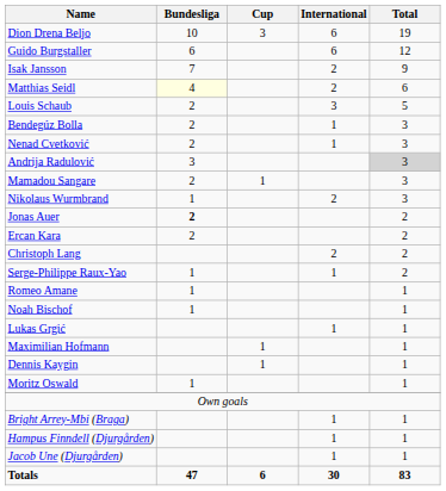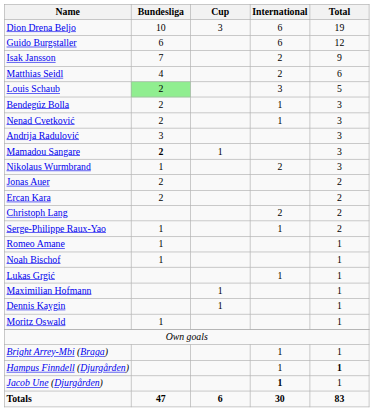 <table class="wikitable sortable" style="text-align: center;">
 <tr>
 <th class="unsortable">Name</th>
 <th width=90>Bundesliga</th>
 <th width=90>Cup</th>
 <th width=90>International</th>
 <th width=90>Total</th>
 </tr>
 <tr>
 <td align="left"> <a href='#'>Dion Drena Beljo</a></td>
 <td>10</td>
 <td>3</td>
 <td>6</td>
 <td>19</td>
 </tr>
 <tr>
 <td align="left"> <a href='#'>Guido Burgstaller</a></td>
 <td>6</td>
 <td></td>
 <td>6</td>
 <td>12</td>
 </tr>
 <tr>
 <td align="left"> <a href='#'>Isak Jansson</a></td>
 <td>7</td>
 <td></td>
 <td>2</td>
 <td>9</td>
 </tr>
 <tr>
 <td align="left"> <a href='#'>Matthias Seidl</a></td>
-<td style="background: lightyellow;">4</td>
+<td>4</td>
 <td></td>
 <td>2</td>
 <td>6</td>
 </tr>
 <tr>
 <td align="left"> <a href='#'>Louis Schaub</a></td>
-<td>2</td>
+<td style="background: lightgreen;">2</td>
 <td></td>
 <td>3</td>
 <td>5</td>
 </tr>
 <tr>
 <td align="left"> <a href='#'>Bendegúz Bolla</a></td>
 <td>2</td>
 <td></td>
 <td>1</td>
 <td>3</td>
 </tr>
 <tr>
 <td align="left"> <a href='#'>Nenad Cvetković</a></td>
 <td>2</td>
 <td></td>
 <td>1</td>
 <td>3</td>
 </tr>
 <tr>
 <td align="left"> <a href='#'>Andrija Radulović</a></td>
 <td>3</td>
 <td></td>
 <td></td>
-<td style="background: lightgrey;">3</td>
+<td>3</td>
 </tr>
 <tr>
 <td align="left"> <a href='#'>Mamadou Sangare</a></td>
-<td>2</td>
+<td><strong>2</strong></td>
 <td>1</td>
 <td></td>
 <td>3</td>
 </tr>
 <tr>
 <td align="left"> <a href='#'>Nikolaus Wurmbrand</a></td>
 <td>1</td>
 <td></td>
 <td>2</td>
 <td>3</td>
 </tr>
 <tr>
 <td align="left"> <a href='#'>Jonas Auer</a></td>
-<td><strong>2</strong></td>
+<td>2</td>
 <td></td>
 <td></td>
 <td>2</td>
 </tr>
 <tr>
 <td align="left"> <a href='#'>Ercan Kara</a></td>
 <td>2</td>
 <td></td>
 <td></td>
 <td>2</td>
 </tr>
 <tr>
 <td align="left"> <a href='#'>Christoph Lang</a></td>
 <td></td>
 <td></td>
 <td>2</td>
 <td>2</td>
 </tr>
 <tr>
 <td align="left"> <a href='#'>Serge-Philippe Raux-Yao</a></td>
 <td>1</td>
 <td></td>
 <td>1</td>
 <td>2</td>
 </tr>
 <tr>
 <td align="left"> <a href='#'>Romeo Amane</a></td>
 <td>1</td>
 <td></td>
 <td></td>
 <td>1</td>
 </tr>
 <tr>
 <td align="left"> <a href='#'>Noah Bischof</a></td>
 <td>1</td>
 <td></td>
 <td></td>
 <td>1</td>
 </tr>
 <tr>
 <td align="left"> <a href='#'>Lukas Grgić</a></td>
 <td></td>
 <td></td>
 <td>1</td>
 <td>1</td>
 </tr>
 <tr>
 <td align="left"> <a href='#'>Maximilian Hofmann</a></td>
 <td></td>
 <td>1</td>
 <td></td>
 <td>1</td>
 </tr>
 <tr>
 <td align="left"> <a href='#'>Dennis Kaygin</a></td>
 <td></td>
 <td>1</td>
 <td></td>
 <td>1</td>
 </tr>
 <tr>
 <td align="left"> <a href='#'>Moritz Oswald</a></td>
 <td>1</td>
 <td></td>
 <td></td>
 <td>1</td>
 </tr>
 <tr>
 </tr>
 <tr class="sortbottom">
 <td colspan="5"><em>Own goals</em></td>
 </tr>
 <tr>
 <td align="left"> <em><a href='#'>Bright Arrey-Mbi</a> (<a href='#'>Braga</a>)</em></td>
 <td></td>
 <td></td>
 <td>1</td>
 <td>1</td>
 </tr>
 <tr>
 <td align="left"> <em><a href='#'>Hampus Finndell</a> (<a href='#'>Djurgården</a>)</em></td>
 <td></td>
 <td></td>
 <td>1</td>
-<td>1</td>
+<td><strong>1</strong></td>
 </tr>
 <tr>
 <td align="left"> <em><a href='#'>Jacob Une</a> (<a href='#'>Djurgården</a>)</em></td>
 <td></td>
 <td></td>
-<td>1</td>
+<td><strong>1</strong></td>
 <td>1</td>
 </tr>
 <tr class="sortbottom">
 <td align="left"><strong>Totals</strong></td>
 <td><strong>47</strong></td>
 <td><strong> 6</strong></td>
 <td><strong>30</strong></td>
 <td><strong>83</strong></td>
 </tr>
 </table>
